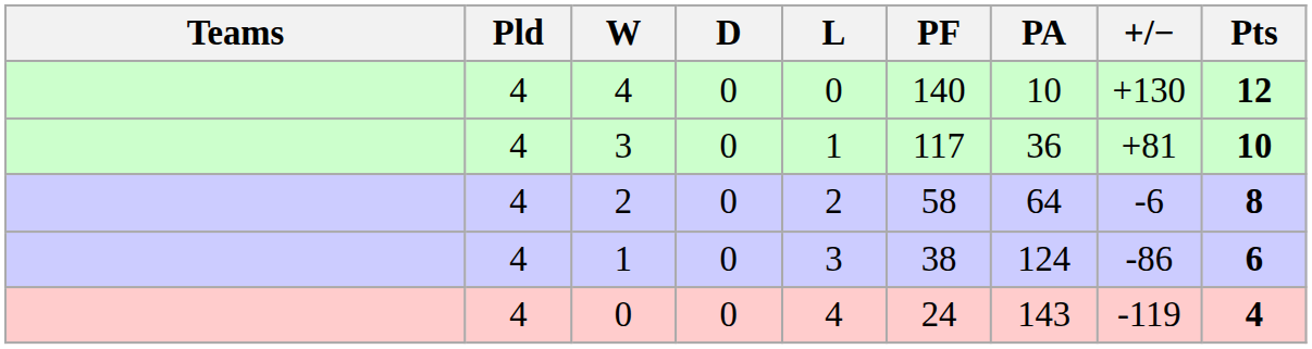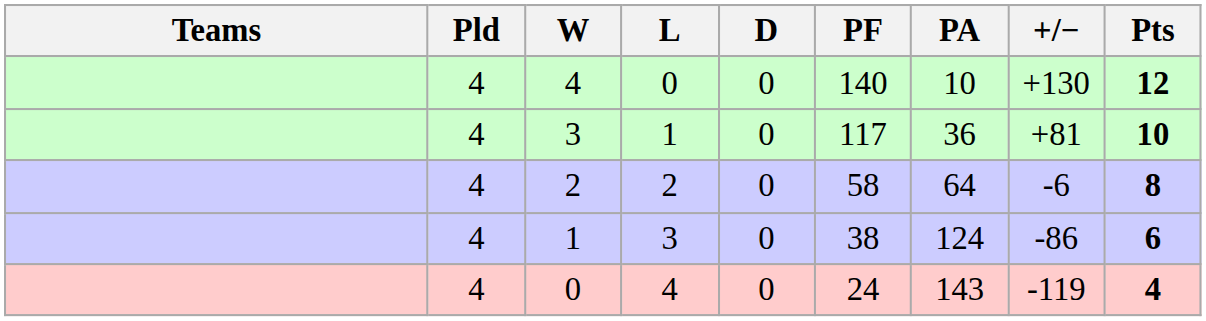 <table class="wikitable" style="text-align: center;">
 <tr>
 <th width="200">Teams</th>
 <th width="40">Pld</th>
 <th width="40">W</th>
+<th width="40">L</th>
 <th width="40">D</th>
-<th width="40">L</th>
 <th width="40">PF</th>
 <th width="40">PA</th>
 <th width="40">+/−</th>
 <th width="40">Pts</th>
 </tr>
 <tr style="background:#ccffcc">
 <td align=left></td>
 <td>4</td>
 <td>4</td>
 <td>0</td>
 <td>0</td>
 <td>140</td>
 <td>10</td>
 <td>+130</td>
 <td><strong>12</strong></td>
 </tr>
 <tr style="background:#ccffcc">
 <td align=left></td>
 <td>4</td>
 <td>3</td>
+<td>1</td>
 <td>0</td>
-<td>1</td>
 <td>117</td>
 <td>36</td>
 <td>+81</td>
 <td><strong>10</strong></td>
 </tr>
 <tr style="background:#ccccff">
 <td align=left></td>
 <td>4</td>
 <td>2</td>
+<td>2</td>
 <td>0</td>
-<td>2</td>
 <td>58</td>
 <td>64</td>
 <td>-6</td>
 <td><strong>8</strong></td>
 </tr>
 <tr style="background:#ccccff">
 <td align=left></td>
 <td>4</td>
 <td>1</td>
+<td>3</td>
 <td>0</td>
-<td>3</td>
 <td>38</td>
 <td>124</td>
 <td>-86</td>
 <td><strong>6</strong></td>
 </tr>
 <tr style="background:#ffcccc">
 <td align=left></td>
 <td>4</td>
 <td>0</td>
+<td>4</td>
 <td>0</td>
-<td>4</td>
 <td>24</td>
 <td>143</td>
 <td>-119</td>
 <td><strong>4</strong></td>
 </tr>
 </table>
